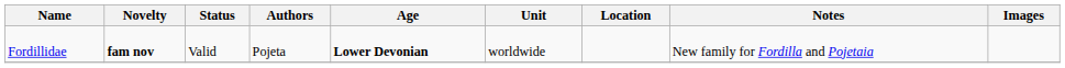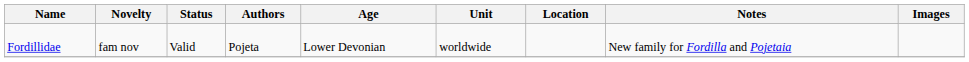 <table class="wikitable sortable" align="center" width="100%">
 <tr>
 <th>Name</th>
 <th>Novelty</th>
 <th>Status</th>
 <th>Authors</th>
 <th>Age</th>
 <th>Unit</th>
 <th>Location</th>
 <th>Notes</th>
 <th>Images</th>
 </tr>
 <tr>
 <td><br><a href='#'>Fordillidae</a></td>
-<td><strong><br>fam nov</strong></td>
+<td><br>fam nov</td>
 <td><br>Valid</td>
 <td><br>Pojeta</td>
-<td><strong><br>Lower Devonian</strong></td>
+<td><br>Lower Devonian</td>
 <td><br>worldwide</td>
 <td></td>
 <td><br>New family for <em><a href='#'>Fordilla</a></em> and <em><a href='#'>Pojetaia</a></em></td>
 <td><br></td>
 </tr>
 <tr>
 </tr>
 </table>
